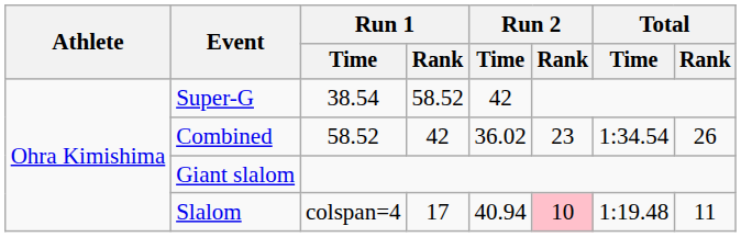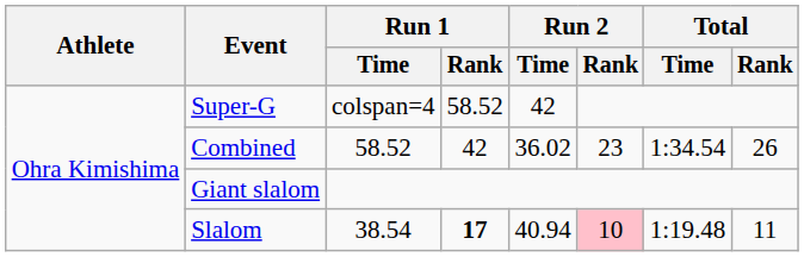 <table class="wikitable" style="font-size:90%">
 <tr>
 <th rowspan=2>Athlete</th>
 <th rowspan=2>Event</th>
 <th colspan=2>Run 1</th>
 <th colspan=2>Run 2</th>
 <th colspan=2>Total</th>
 </tr>
 <tr style="font-size:95%">
 <th>Time</th>
 <th>Rank</th>
 <th>Time</th>
 <th>Rank</th>
 <th>Time</th>
 <th>Rank</th>
 </tr>
 <tr align=center>
 <td align="left" rowspan="4"><a href='#'>Ohra Kimishima</a></td>
 <td align="left"><a href='#'>Super-G</a></td>
-<td>38.54</td>
+<td>colspan=4</td>
 <td>58.52</td>
 <td>42</td>
 </tr>
 <tr align=center>
 <td align="left"><a href='#'>Combined</a></td>
 <td>58.52</td>
 <td>42</td>
 <td>36.02</td>
 <td>23</td>
 <td>1:34.54</td>
 <td>26</td>
 </tr>
 <tr align=center>
 <td align="left"><a href='#'>Giant slalom</a></td>
 <td colspan=6></td>
 </tr>
 <tr align=center>
 <td align="left"><a href='#'>Slalom</a></td>
-<td>colspan=4</td>
-<td>17</td>
+<td>38.54</td>
+<td><strong>17</strong></td>
 <td>40.94</td>
 <td style="background: pink;">10</td>
 <td>1:19.48</td>
 <td>11</td>
 </tr>
 </table>
